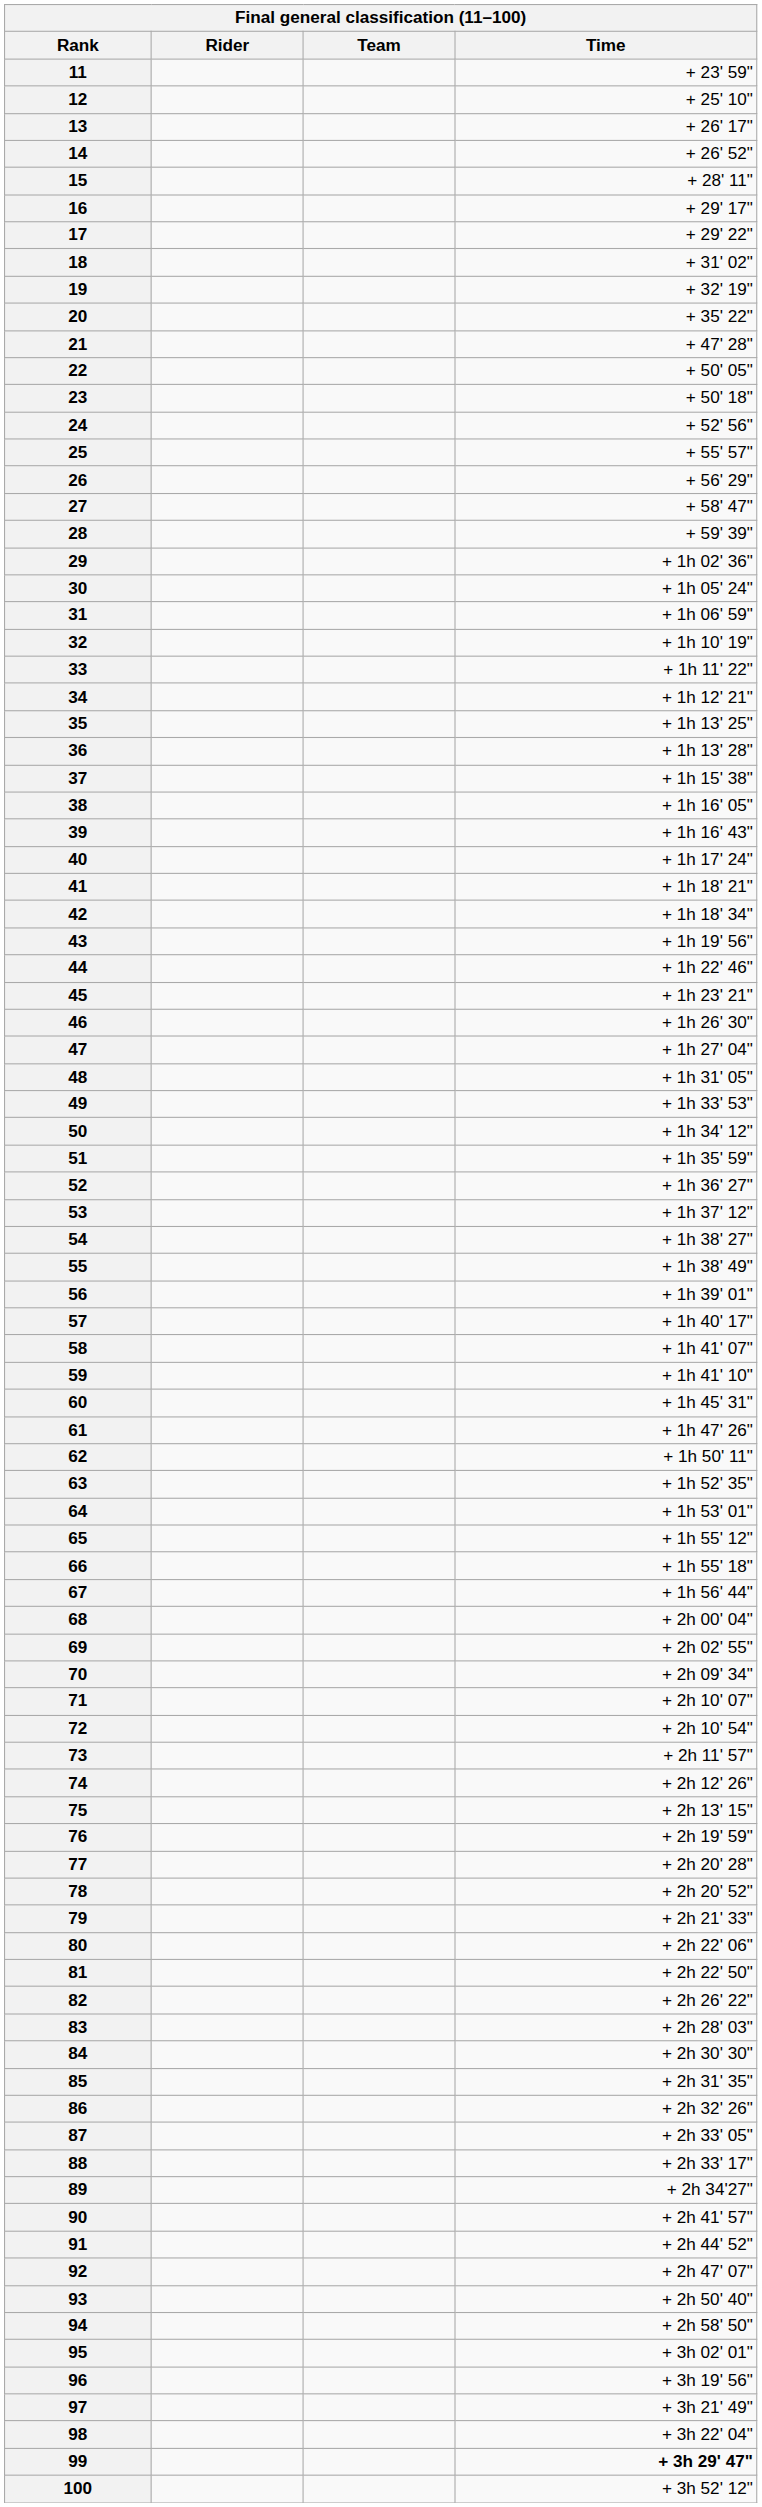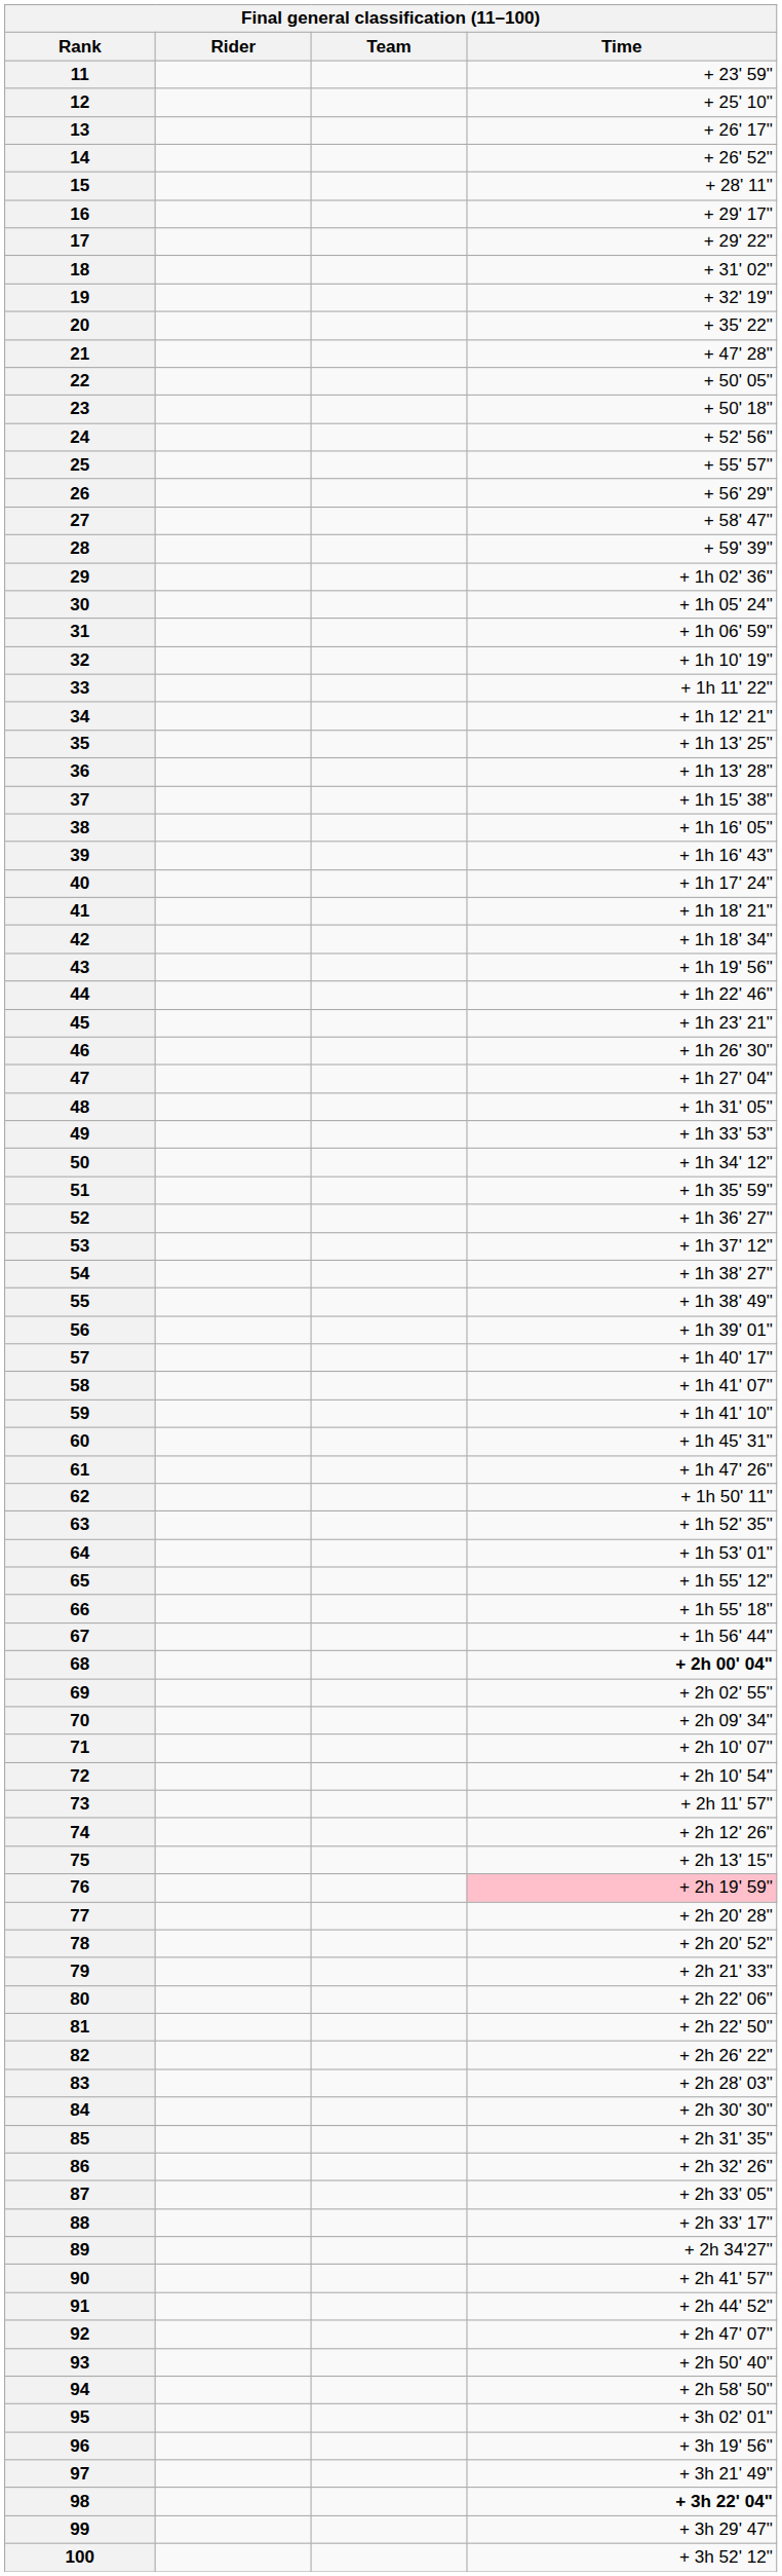 <table class="collapsible collapsed wikitable" style="width:44em;margin-top:-1px;">
 <tr>
 <th scope="col" colspan="4">Final general classification (11–100)</th>
 </tr>
 <tr>
 <th scope="col">Rank</th>
 <th scope="col">Rider</th>
 <th scope="col">Team</th>
 <th scope="col">Time</th>
 </tr>
 <tr>
 <th scope="row">11</th>
 <td></td>
 <td></td>
 <td style="text-align:right;">+ 23' 59"</td>
 </tr>
 <tr>
 <th scope="row">12</th>
 <td></td>
 <td></td>
 <td style="text-align:right;">+ 25' 10"</td>
 </tr>
 <tr>
 <th scope="row">13</th>
 <td></td>
 <td></td>
 <td style="text-align:right;">+ 26' 17"</td>
 </tr>
 <tr>
 <th scope="row">14</th>
 <td></td>
 <td></td>
 <td style="text-align:right;">+ 26' 52"</td>
 </tr>
 <tr>
 <th scope="row">15</th>
 <td></td>
 <td></td>
 <td style="text-align:right;">+ 28' 11"</td>
 </tr>
 <tr>
 <th scope="row">16</th>
 <td></td>
 <td></td>
 <td style="text-align:right;">+ 29' 17"</td>
 </tr>
 <tr>
 <th scope="row">17</th>
 <td></td>
 <td></td>
 <td style="text-align:right;">+ 29' 22"</td>
 </tr>
 <tr>
 <th scope="row">18</th>
 <td></td>
 <td></td>
 <td style="text-align:right;">+ 31' 02"</td>
 </tr>
 <tr>
 <th scope="row">19</th>
 <td></td>
 <td></td>
 <td style="text-align:right;">+ 32' 19"</td>
 </tr>
 <tr>
 <th scope="row">20</th>
 <td></td>
 <td></td>
 <td style="text-align:right;">+ 35' 22"</td>
 </tr>
 <tr>
 <th scope="row">21</th>
 <td></td>
 <td></td>
 <td style="text-align:right;">+ 47' 28"</td>
 </tr>
 <tr>
 <th scope="row">22</th>
 <td></td>
 <td></td>
 <td style="text-align:right;">+ 50' 05"</td>
 </tr>
 <tr>
 <th scope="row">23</th>
 <td></td>
 <td></td>
 <td style="text-align:right;">+ 50' 18"</td>
 </tr>
 <tr>
 <th scope="row">24</th>
 <td></td>
 <td></td>
 <td style="text-align:right;">+ 52' 56"</td>
 </tr>
 <tr>
 <th scope="row">25</th>
 <td></td>
 <td></td>
 <td style="text-align:right;">+ 55' 57"</td>
 </tr>
 <tr>
 <th scope="row">26</th>
 <td></td>
 <td></td>
 <td style="text-align:right;">+ 56' 29"</td>
 </tr>
 <tr>
 <th scope="row">27</th>
 <td></td>
 <td></td>
 <td style="text-align:right;">+ 58' 47"</td>
 </tr>
 <tr>
 <th scope="row">28</th>
 <td></td>
 <td></td>
 <td style="text-align:right;">+ 59' 39"</td>
 </tr>
 <tr>
 <th scope="row">29</th>
 <td> </td>
 <td></td>
 <td style="text-align:right;">+ 1h 02' 36"</td>
 </tr>
 <tr>
 <th scope="row">30</th>
 <td></td>
 <td></td>
 <td style="text-align:right;">+ 1h 05' 24"</td>
 </tr>
 <tr>
 <th scope="row">31</th>
 <td></td>
 <td></td>
 <td style="text-align:right;">+ 1h 06' 59"</td>
 </tr>
 <tr>
 <th scope="row">32</th>
 <td></td>
 <td></td>
 <td style="text-align:right;">+ 1h 10' 19"</td>
 </tr>
 <tr>
 <th scope="row">33</th>
 <td></td>
 <td></td>
 <td style="text-align:right;">+ 1h 11' 22"</td>
 </tr>
 <tr>
 <th scope="row">34</th>
 <td></td>
 <td></td>
 <td style="text-align:right;">+ 1h 12' 21"</td>
 </tr>
 <tr>
 <th scope="row">35</th>
 <td></td>
 <td></td>
 <td style="text-align:right;">+ 1h 13' 25"</td>
 </tr>
 <tr>
 <th scope="row">36</th>
 <td></td>
 <td></td>
 <td style="text-align:right;">+ 1h 13' 28"</td>
 </tr>
 <tr>
 <th scope="row">37</th>
 <td></td>
 <td></td>
 <td style="text-align:right;">+ 1h 15' 38"</td>
 </tr>
 <tr>
 <th scope="row">38</th>
 <td></td>
 <td></td>
 <td style="text-align:right;">+ 1h 16' 05"</td>
 </tr>
 <tr>
 <th scope="row">39</th>
 <td></td>
 <td></td>
 <td style="text-align:right;">+ 1h 16' 43"</td>
 </tr>
 <tr>
 <th scope="row">40</th>
 <td></td>
 <td></td>
 <td style="text-align:right;">+ 1h 17' 24"</td>
 </tr>
 <tr>
 <th scope="row">41</th>
 <td></td>
 <td></td>
 <td style="text-align:right;">+ 1h 18' 21"</td>
 </tr>
 <tr>
 <th scope="row">42</th>
 <td></td>
 <td></td>
 <td style="text-align:right;">+ 1h 18' 34"</td>
 </tr>
 <tr>
 <th scope="row">43</th>
 <td></td>
 <td></td>
 <td style="text-align:right;">+ 1h 19' 56"</td>
 </tr>
 <tr>
 <th scope="row">44</th>
 <td></td>
 <td></td>
 <td style="text-align:right;">+ 1h 22' 46"</td>
 </tr>
 <tr>
 <th scope="row">45</th>
 <td></td>
 <td></td>
 <td style="text-align:right;">+ 1h 23' 21"</td>
 </tr>
 <tr>
 <th scope="row">46</th>
 <td></td>
 <td></td>
 <td style="text-align:right;">+ 1h 26' 30"</td>
 </tr>
 <tr>
 <th scope="row">47</th>
 <td></td>
 <td></td>
 <td style="text-align:right;">+ 1h 27' 04"</td>
 </tr>
 <tr>
 <th scope="row">48</th>
 <td></td>
 <td></td>
 <td style="text-align:right;">+ 1h 31' 05"</td>
 </tr>
 <tr>
 <th scope="row">49</th>
 <td></td>
 <td></td>
 <td style="text-align:right;">+ 1h 33' 53"</td>
 </tr>
 <tr>
 <th scope="row">50</th>
 <td></td>
 <td></td>
 <td style="text-align:right;">+ 1h 34' 12"</td>
 </tr>
 <tr>
 <th scope="row">51</th>
 <td></td>
 <td></td>
 <td style="text-align:right;">+ 1h 35' 59"</td>
 </tr>
 <tr>
 <th scope="row">52</th>
 <td></td>
 <td></td>
 <td style="text-align:right;">+ 1h 36' 27"</td>
 </tr>
 <tr>
 <th scope="row">53</th>
 <td></td>
 <td></td>
 <td style="text-align:right;">+ 1h 37' 12"</td>
 </tr>
 <tr>
 <th scope="row">54</th>
 <td></td>
 <td></td>
 <td style="text-align:right;">+ 1h 38' 27"</td>
 </tr>
 <tr>
 <th scope="row">55</th>
 <td></td>
 <td></td>
 <td style="text-align:right;">+ 1h 38' 49"</td>
 </tr>
 <tr>
 <th scope="row">56</th>
 <td></td>
 <td></td>
 <td style="text-align:right;">+ 1h 39' 01"</td>
 </tr>
 <tr>
 <th scope="row">57</th>
 <td></td>
 <td></td>
 <td style="text-align:right;">+ 1h 40' 17"</td>
 </tr>
 <tr>
 <th scope="row">58</th>
 <td></td>
 <td></td>
 <td style="text-align:right;">+ 1h 41' 07"</td>
 </tr>
 <tr>
 <th scope="row">59</th>
 <td></td>
 <td></td>
 <td style="text-align:right;">+ 1h 41' 10"</td>
 </tr>
 <tr>
 <th scope="row">60</th>
 <td></td>
 <td></td>
 <td style="text-align:right;">+ 1h 45' 31"</td>
 </tr>
 <tr>
 <th scope="row">61</th>
 <td></td>
 <td></td>
 <td style="text-align:right;">+ 1h 47' 26"</td>
 </tr>
 <tr>
 <th scope="row">62</th>
 <td></td>
 <td></td>
 <td style="text-align:right;">+ 1h 50' 11"</td>
 </tr>
 <tr>
 <th scope="row">63</th>
 <td></td>
 <td></td>
 <td style="text-align:right;">+ 1h 52' 35"</td>
 </tr>
 <tr>
 <th scope="row">64</th>
 <td></td>
 <td></td>
 <td style="text-align:right;">+ 1h 53' 01"</td>
 </tr>
 <tr>
 <th scope="row">65</th>
 <td></td>
 <td></td>
 <td style="text-align:right;">+ 1h 55' 12"</td>
 </tr>
 <tr>
 <th scope="row">66</th>
 <td></td>
 <td></td>
 <td style="text-align:right;">+ 1h 55' 18"</td>
 </tr>
 <tr>
 <th scope="row">67</th>
 <td></td>
 <td></td>
 <td style="text-align:right;">+ 1h 56' 44"</td>
 </tr>
 <tr>
 <th scope="row">68</th>
 <td></td>
 <td></td>
-<td style="text-align:right;">+ 2h 00' 04"</td>
+<td style="text-align:right;"><strong>+ 2h 00' 04"</strong></td>
 </tr>
 <tr>
 <th scope="row">69</th>
 <td></td>
 <td></td>
 <td style="text-align:right;">+ 2h 02' 55"</td>
 </tr>
 <tr>
 <th scope="row">70</th>
 <td></td>
 <td></td>
 <td style="text-align:right;">+ 2h 09' 34"</td>
 </tr>
 <tr>
 <th scope="row">71</th>
 <td></td>
 <td></td>
 <td style="text-align:right;">+ 2h 10' 07"</td>
 </tr>
 <tr>
 <th scope="row">72</th>
 <td></td>
 <td></td>
 <td style="text-align:right;">+ 2h 10' 54"</td>
 </tr>
 <tr>
 <th scope="row">73</th>
 <td></td>
 <td></td>
 <td style="text-align:right;">+ 2h 11' 57"</td>
 </tr>
 <tr>
 <th scope="row">74</th>
 <td></td>
 <td></td>
 <td style="text-align:right;">+ 2h 12' 26"</td>
 </tr>
 <tr>
 <th scope="row">75</th>
 <td></td>
 <td></td>
 <td style="text-align:right;">+ 2h 13' 15"</td>
 </tr>
 <tr>
 <th scope="row">76</th>
 <td></td>
 <td></td>
-<td style="text-align:right;">+ 2h 19' 59"</td>
+<td style="background: pink; text-align:right;">+ 2h 19' 59"</td>
 </tr>
 <tr>
 <th scope="row">77</th>
 <td></td>
 <td></td>
 <td style="text-align:right;">+ 2h 20' 28"</td>
 </tr>
 <tr>
 <th scope="row">78</th>
 <td></td>
 <td></td>
 <td style="text-align:right;">+ 2h 20' 52"</td>
 </tr>
 <tr>
 <th scope="row">79</th>
 <td></td>
 <td></td>
 <td style="text-align:right;">+ 2h 21' 33"</td>
 </tr>
 <tr>
 <th scope="row">80</th>
 <td></td>
 <td></td>
 <td style="text-align:right;">+ 2h 22' 06"</td>
 </tr>
 <tr>
 <th scope="row">81</th>
 <td></td>
 <td></td>
 <td style="text-align:right;">+ 2h 22' 50"</td>
 </tr>
 <tr>
 <th scope="row">82</th>
 <td></td>
 <td></td>
 <td style="text-align:right;">+ 2h 26' 22"</td>
 </tr>
 <tr>
 <th scope="row">83</th>
 <td></td>
 <td></td>
 <td style="text-align:right;">+ 2h 28' 03"</td>
 </tr>
 <tr>
 <th scope="row">84</th>
 <td></td>
 <td></td>
 <td style="text-align:right;">+ 2h 30' 30"</td>
 </tr>
 <tr>
 <th scope="row">85</th>
 <td></td>
 <td></td>
 <td style="text-align:right;">+ 2h 31' 35"</td>
 </tr>
 <tr>
 <th scope="row">86</th>
 <td></td>
 <td></td>
 <td style="text-align:right;">+ 2h 32' 26"</td>
 </tr>
 <tr>
 <th scope="row">87</th>
 <td></td>
 <td></td>
 <td style="text-align:right;">+ 2h 33' 05"</td>
 </tr>
 <tr>
 <th scope="row">88</th>
 <td></td>
 <td></td>
 <td style="text-align:right;">+ 2h 33' 17"</td>
 </tr>
 <tr>
 <th scope="row">89</th>
 <td></td>
 <td></td>
 <td style="text-align:right;">+ 2h 34'27"</td>
 </tr>
 <tr>
 <th scope="row">90</th>
 <td></td>
 <td></td>
 <td style="text-align:right;">+ 2h 41' 57"</td>
 </tr>
 <tr>
 <th scope="row">91</th>
 <td></td>
 <td></td>
 <td style="text-align:right;">+ 2h 44' 52"</td>
 </tr>
 <tr>
 <th scope="row">92</th>
 <td></td>
 <td></td>
 <td style="text-align:right;">+ 2h 47' 07"</td>
 </tr>
 <tr>
 <th scope="row">93</th>
 <td></td>
 <td></td>
 <td style="text-align:right;">+ 2h 50' 40"</td>
 </tr>
 <tr>
 <th scope="row">94</th>
 <td></td>
 <td></td>
 <td style="text-align:right;">+ 2h 58' 50"</td>
 </tr>
 <tr>
 <th scope="row">95</th>
 <td></td>
 <td></td>
 <td style="text-align:right;">+ 3h 02' 01"</td>
 </tr>
 <tr>
 <th scope="row">96</th>
 <td></td>
 <td></td>
 <td style="text-align:right;">+ 3h 19' 56"</td>
 </tr>
 <tr>
 <th scope="row">97</th>
 <td></td>
 <td></td>
 <td style="text-align:right;">+ 3h 21' 49"</td>
 </tr>
 <tr>
 <th scope="row">98</th>
 <td></td>
 <td></td>
-<td style="text-align:right;">+ 3h 22' 04"</td>
+<td style="text-align:right;"><strong>+ 3h 22' 04"</strong></td>
 </tr>
 <tr>
 <th scope="row">99</th>
 <td></td>
 <td></td>
-<td style="text-align:right;"><strong>+ 3h 29' 47"</strong></td>
+<td style="text-align:right;">+ 3h 29' 47"</td>
 </tr>
 <tr>
 <th scope="row">100</th>
 <td></td>
 <td></td>
 <td style="text-align:right;">+ 3h 52' 12"</td>
 </tr>
 </table>
